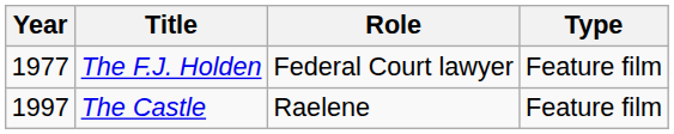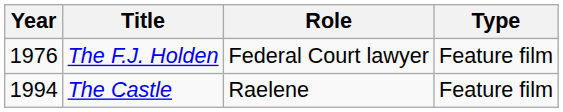 <table class="wikitable">
 <tr>
 <th>Year</th>
 <th>Title</th>
 <th>Role</th>
 <th>Type</th>
 </tr>
 <tr>
-<td>1977</td>
+<td>1976</td>
 <td><em><a href='#'>The F.J. Holden</a></em></td>
 <td>Federal Court lawyer</td>
 <td>Feature film</td>
 </tr>
 <tr>
-<td>1997</td>
+<td>1994</td>
 <td><em><a href='#'>The Castle</a></em></td>
 <td>Raelene</td>
 <td>Feature film</td>
 </tr>
 </table>
